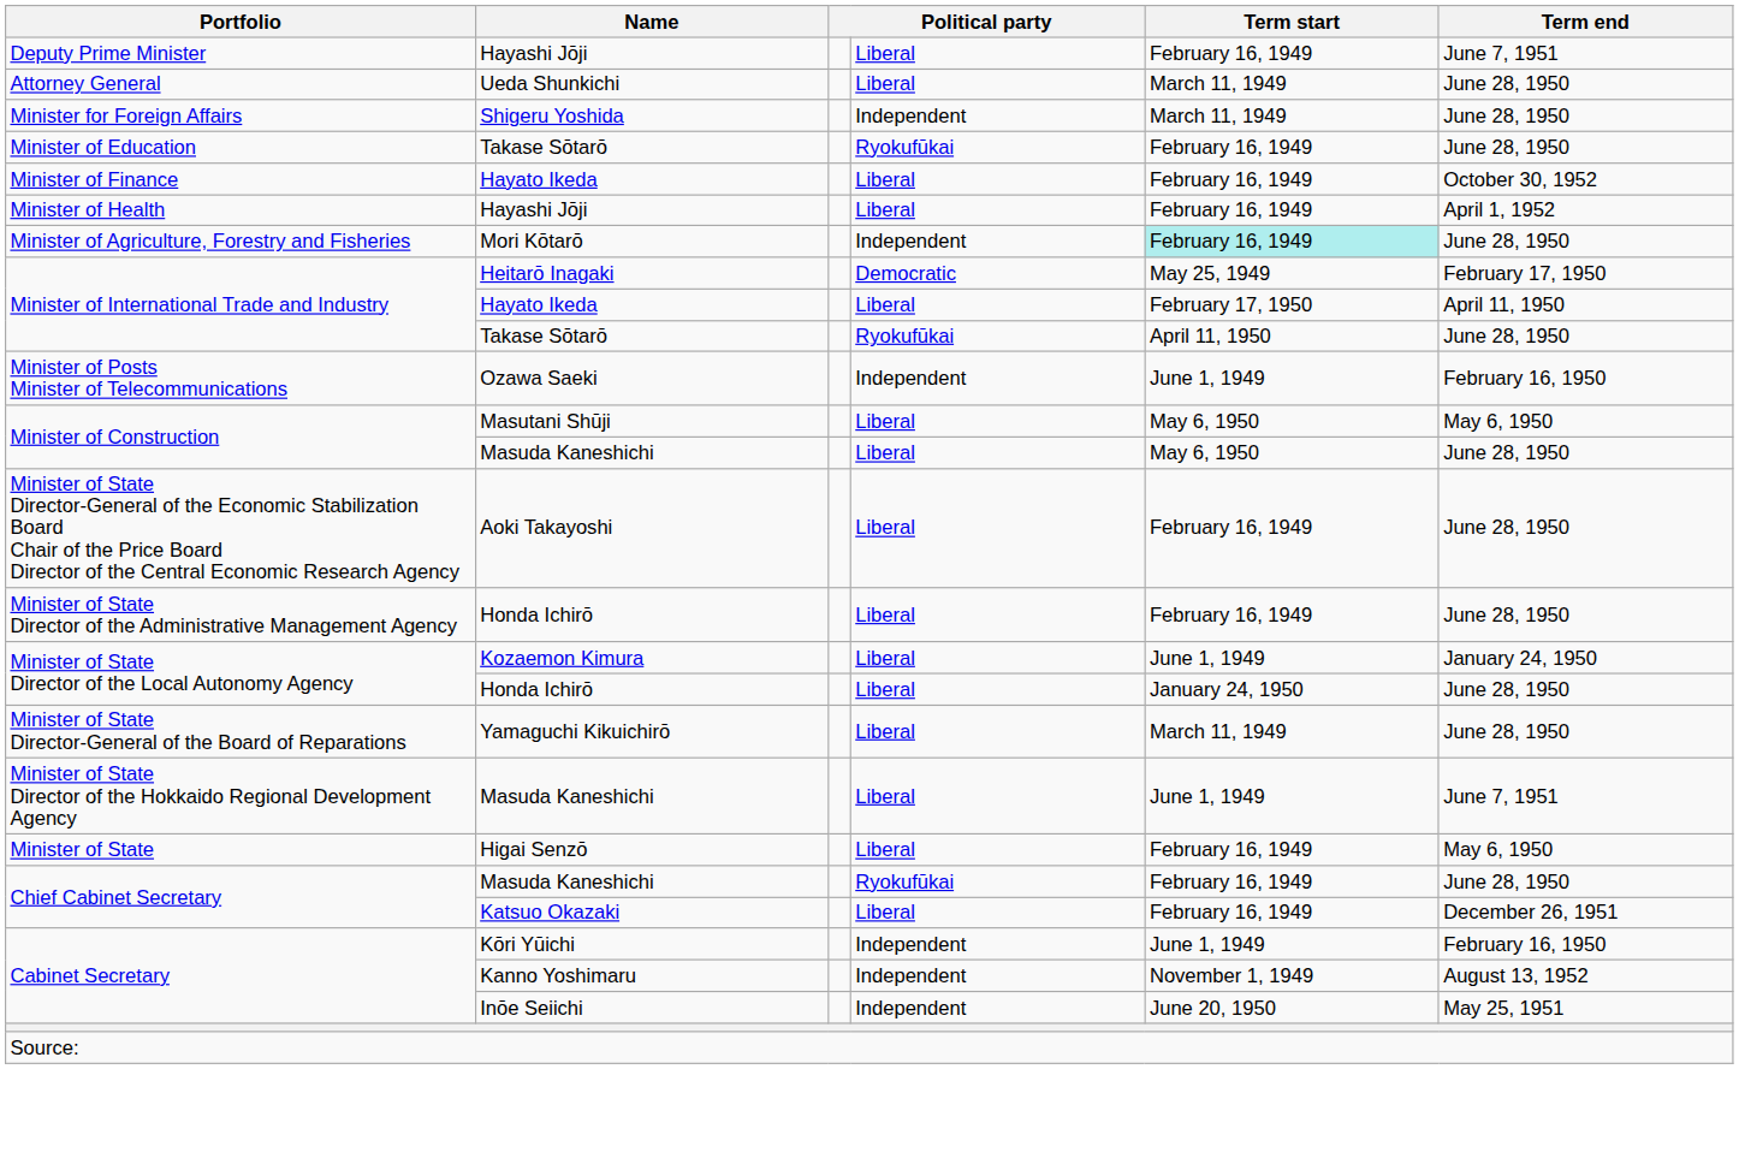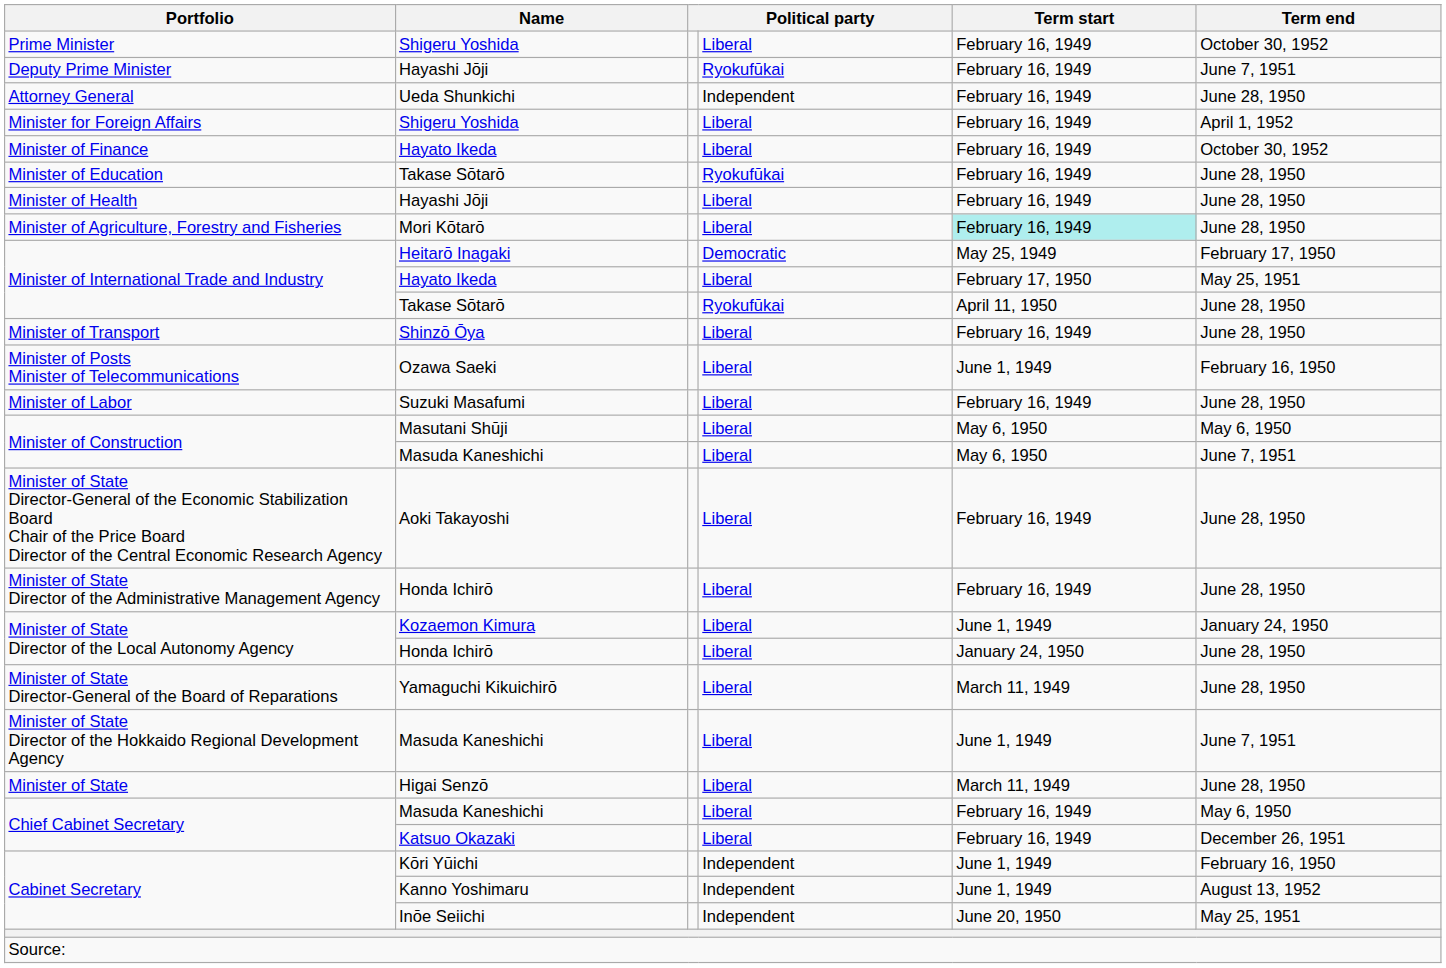 <table class="wikitable unsortable" style="font-size: 90%;">
 <tr>
 <th scope="col" width="20%">Portfolio</th>
 <th scope="col" width="15%">Name</th>
 <th colspan="2" scope="col" width="13.5%">Political party</th>
 <th scope="col" width="12.5%">Term start</th>
 <th scope="col" width="12.5%">Term end</th>
 </tr>
 <tr>
+<td style="text-align: left;"><a href='#'>Prime Minister</a></td>
+<td><a href='#'>Shigeru Yoshida</a></td>
+<td width="0.5%" style="background:"></td>
+<td><a href='#'>Liberal</a></td>
+<td>February 16, 1949</td>
+<td>October 30, 1952</td>
+</tr>
+<tr>
 <td><a href='#'>Deputy Prime Minister</a></td>
 <td>Hayashi Jōji</td>
 <td style="color:inherit;background:"></td>
-<td><a href='#'>Liberal</a></td>
+<td><a href='#'>Ryokufūkai</a></td>
 <td>February 16, 1949</td>
 <td>June 7, 1951</td>
 </tr>
 <tr>
 <td><a href='#'>Attorney General</a></td>
 <td>Ueda Shunkichi</td>
 <td style="color:inherit;background:"></td>
-<td><a href='#'>Liberal</a></td>
-<td>March 11, 1949</td>
+<td>Independent</td>
+<td>February 16, 1949</td>
 <td>June 28, 1950</td>
 </tr>
 <tr>
 <td><a href='#'>Minister for Foreign Affairs</a></td>
 <td><a href='#'>Shigeru Yoshida</a></td>
 <td style="color:inherit;background:"></td>
-<td>Independent</td>
-<td>March 11, 1949</td>
-<td>June 28, 1950</td>
+<td><a href='#'>Liberal</a></td>
+<td>February 16, 1949</td>
+<td>April 1, 1952</td>
+</tr>
+<tr>
+<td><a href='#'>Minister of Finance</a></td>
+<td><a href='#'>Hayato Ikeda</a></td>
+<td style="color:inherit;background:"></td>
+<td><a href='#'>Liberal</a></td>
+<td>February 16, 1949</td>
+<td>October 30, 1952</td>
 </tr>
 <tr>
 <td><a href='#'>Minister of Education</a></td>
 <td>Takase Sōtarō</td>
 <td></td>
 <td><a href='#'>Ryokufūkai</a></td>
 <td>February 16, 1949</td>
 <td>June 28, 1950</td>
 </tr>
 <tr>
-<td><a href='#'>Minister of Finance</a></td>
-<td><a href='#'>Hayato Ikeda</a></td>
-<td style="color:inherit;background:"></td>
-<td><a href='#'>Liberal</a></td>
-<td>February 16, 1949</td>
-<td>October 30, 1952</td>
-</tr>
-<tr>
 <td><a href='#'>Minister of Health</a></td>
 <td>Hayashi Jōji</td>
 <td style="color:inherit;background:"></td>
 <td><a href='#'>Liberal</a></td>
 <td>February 16, 1949</td>
-<td>April 1, 1952</td>
+<td>June 28, 1950</td>
 </tr>
 <tr>
 <td><a href='#'>Minister of Agriculture, Forestry and Fisheries</a></td>
 <td>Mori Kōtarō</td>
 <td style="color:inherit;background:"></td>
-<td>Independent</td>
+<td><a href='#'>Liberal</a></td>
 <td style="background: paleturquoise;">February 16, 1949</td>
 <td>June 28, 1950</td>
 </tr>
 <tr>
 <td rowspan="3"><a href='#'>Minister of International Trade and Industry</a></td>
 <td><a href='#'>Heitarō Inagaki</a></td>
 <td style="color:inherit;background:"></td>
 <td><a href='#'>Democratic</a></td>
 <td>May 25, 1949</td>
 <td>February 17, 1950</td>
 </tr>
 <tr>
 <td><a href='#'>Hayato Ikeda</a></td>
 <td style="color:inherit;background:"></td>
 <td><a href='#'>Liberal</a></td>
 <td>February 17, 1950</td>
-<td>April 11, 1950</td>
+<td>May 25, 1951</td>
 </tr>
 <tr>
 <td>Takase Sōtarō</td>
 <td></td>
 <td><a href='#'>Ryokufūkai</a></td>
 <td>April 11, 1950</td>
 <td>June 28, 1950</td>
 </tr>
 <tr>
+<td><a href='#'>Minister of Transport</a></td>
+<td><a href='#'>Shinzō Ōya</a></td>
+<td style="color:inherit;background:"></td>
+<td><a href='#'>Liberal</a></td>
+<td>February 16, 1949</td>
+<td>June 28, 1950</td>
+</tr>
+<tr>
 <td><a href='#'>Minister of Posts</a><br><a href='#'>Minister of Telecommunications</a></td>
 <td>Ozawa Saeki</td>
 <td style="color:inherit;background:"></td>
-<td>Independent</td>
+<td><a href='#'>Liberal</a></td>
 <td>June 1, 1949</td>
 <td>February 16, 1950</td>
+</tr>
+<tr>
+<td><a href='#'>Minister of Labor</a></td>
+<td>Suzuki Masafumi</td>
+<td style="color:inherit;background:"></td>
+<td><a href='#'>Liberal</a></td>
+<td>February 16, 1949</td>
+<td>June 28, 1950</td>
 </tr>
 <tr>
 <td rowspan="2"><a href='#'>Minister of Construction</a></td>
 <td>Masutani Shūji</td>
 <td style="color:inherit;background:"></td>
 <td><a href='#'>Liberal</a></td>
 <td>May 6, 1950</td>
 <td>May 6, 1950</td>
 </tr>
 <tr>
 <td>Masuda Kaneshichi</td>
 <td style="color:inherit;background:"></td>
 <td><a href='#'>Liberal</a></td>
 <td>May 6, 1950</td>
-<td>June 28, 1950</td>
+<td>June 7, 1951</td>
 </tr>
 <tr>
 <td><a href='#'>Minister of State</a><br>Director-General of the Economic Stabilization Board<br>Chair of the Price Board<br>Director of the Central Economic Research Agency</td>
 <td>Aoki Takayoshi</td>
 <td style="color:inherit;background:"></td>
 <td><a href='#'>Liberal</a></td>
 <td>February 16, 1949</td>
 <td>June 28, 1950</td>
 </tr>
 <tr>
 <td><a href='#'>Minister of State</a><br>Director of the Administrative Management Agency</td>
 <td>Honda Ichirō</td>
 <td style="color:inherit;background:"></td>
 <td><a href='#'>Liberal</a></td>
 <td>February 16, 1949</td>
 <td>June 28, 1950</td>
 </tr>
 <tr>
 <td rowspan="2"><a href='#'>Minister of State</a><br>Director of the Local Autonomy Agency</td>
 <td><a href='#'>Kozaemon Kimura</a></td>
 <td style="color:inherit;background:"></td>
 <td><a href='#'>Liberal</a></td>
 <td>June 1, 1949</td>
 <td>January 24, 1950</td>
 </tr>
 <tr>
 <td>Honda Ichirō</td>
 <td style="color:inherit;background:"></td>
 <td><a href='#'>Liberal</a></td>
 <td>January 24, 1950</td>
 <td>June 28, 1950</td>
 </tr>
 <tr>
 <td><a href='#'>Minister of State</a><br>Director-General of the Board of Reparations</td>
 <td>Yamaguchi Kikuichirō</td>
 <td style="color:inherit;background:"></td>
 <td><a href='#'>Liberal</a></td>
 <td>March 11, 1949</td>
 <td>June 28, 1950</td>
 </tr>
 <tr>
 <td><a href='#'>Minister of State</a><br>Director of the Hokkaido Regional Development Agency</td>
 <td>Masuda Kaneshichi</td>
 <td style="color:inherit;background:"></td>
 <td><a href='#'>Liberal</a></td>
 <td>June 1, 1949</td>
 <td>June 7, 1951</td>
 </tr>
 <tr>
 <td><a href='#'>Minister of State</a></td>
 <td>Higai Senzō</td>
 <td style="color:inherit;background:"></td>
 <td><a href='#'>Liberal</a></td>
-<td>February 16, 1949</td>
-<td>May 6, 1950</td>
+<td>March 11, 1949</td>
+<td>June 28, 1950</td>
 </tr>
 <tr>
 <td rowspan="2"><a href='#'>Chief Cabinet Secretary</a></td>
 <td>Masuda Kaneshichi</td>
 <td style="color:inherit;background:"></td>
-<td><a href='#'>Ryokufūkai</a></td>
+<td><a href='#'>Liberal</a></td>
 <td>February 16, 1949</td>
-<td>June 28, 1950</td>
+<td>May 6, 1950</td>
 </tr>
 <tr>
 <td><a href='#'>Katsuo Okazaki</a></td>
 <td style="color:inherit;background:"></td>
 <td><a href='#'>Liberal</a></td>
 <td>February 16, 1949</td>
 <td>December 26, 1951</td>
 </tr>
 <tr>
 <td rowspan="3"><a href='#'>Cabinet Secretary</a></td>
 <td>Kōri Yūichi</td>
 <td style="color:inherit;background:"></td>
 <td>Independent</td>
 <td>June 1, 1949</td>
 <td>February 16, 1950</td>
 </tr>
 <tr>
 <td>Kanno Yoshimaru</td>
 <td style="color:inherit;background:"></td>
 <td>Independent</td>
-<td>November 1, 1949</td>
+<td>June 1, 1949</td>
 <td>August 13, 1952</td>
 </tr>
 <tr>
 <td>Inōe Seiichi</td>
 <td style="color:inherit;background:"></td>
 <td>Independent</td>
 <td>June 20, 1950</td>
 <td>May 25, 1951</td>
 </tr>
 <tr>
 <th colspan="6"></th>
 </tr>
 <tr>
 <td colspan="6">Source:</td>
 </tr>
 </table>
